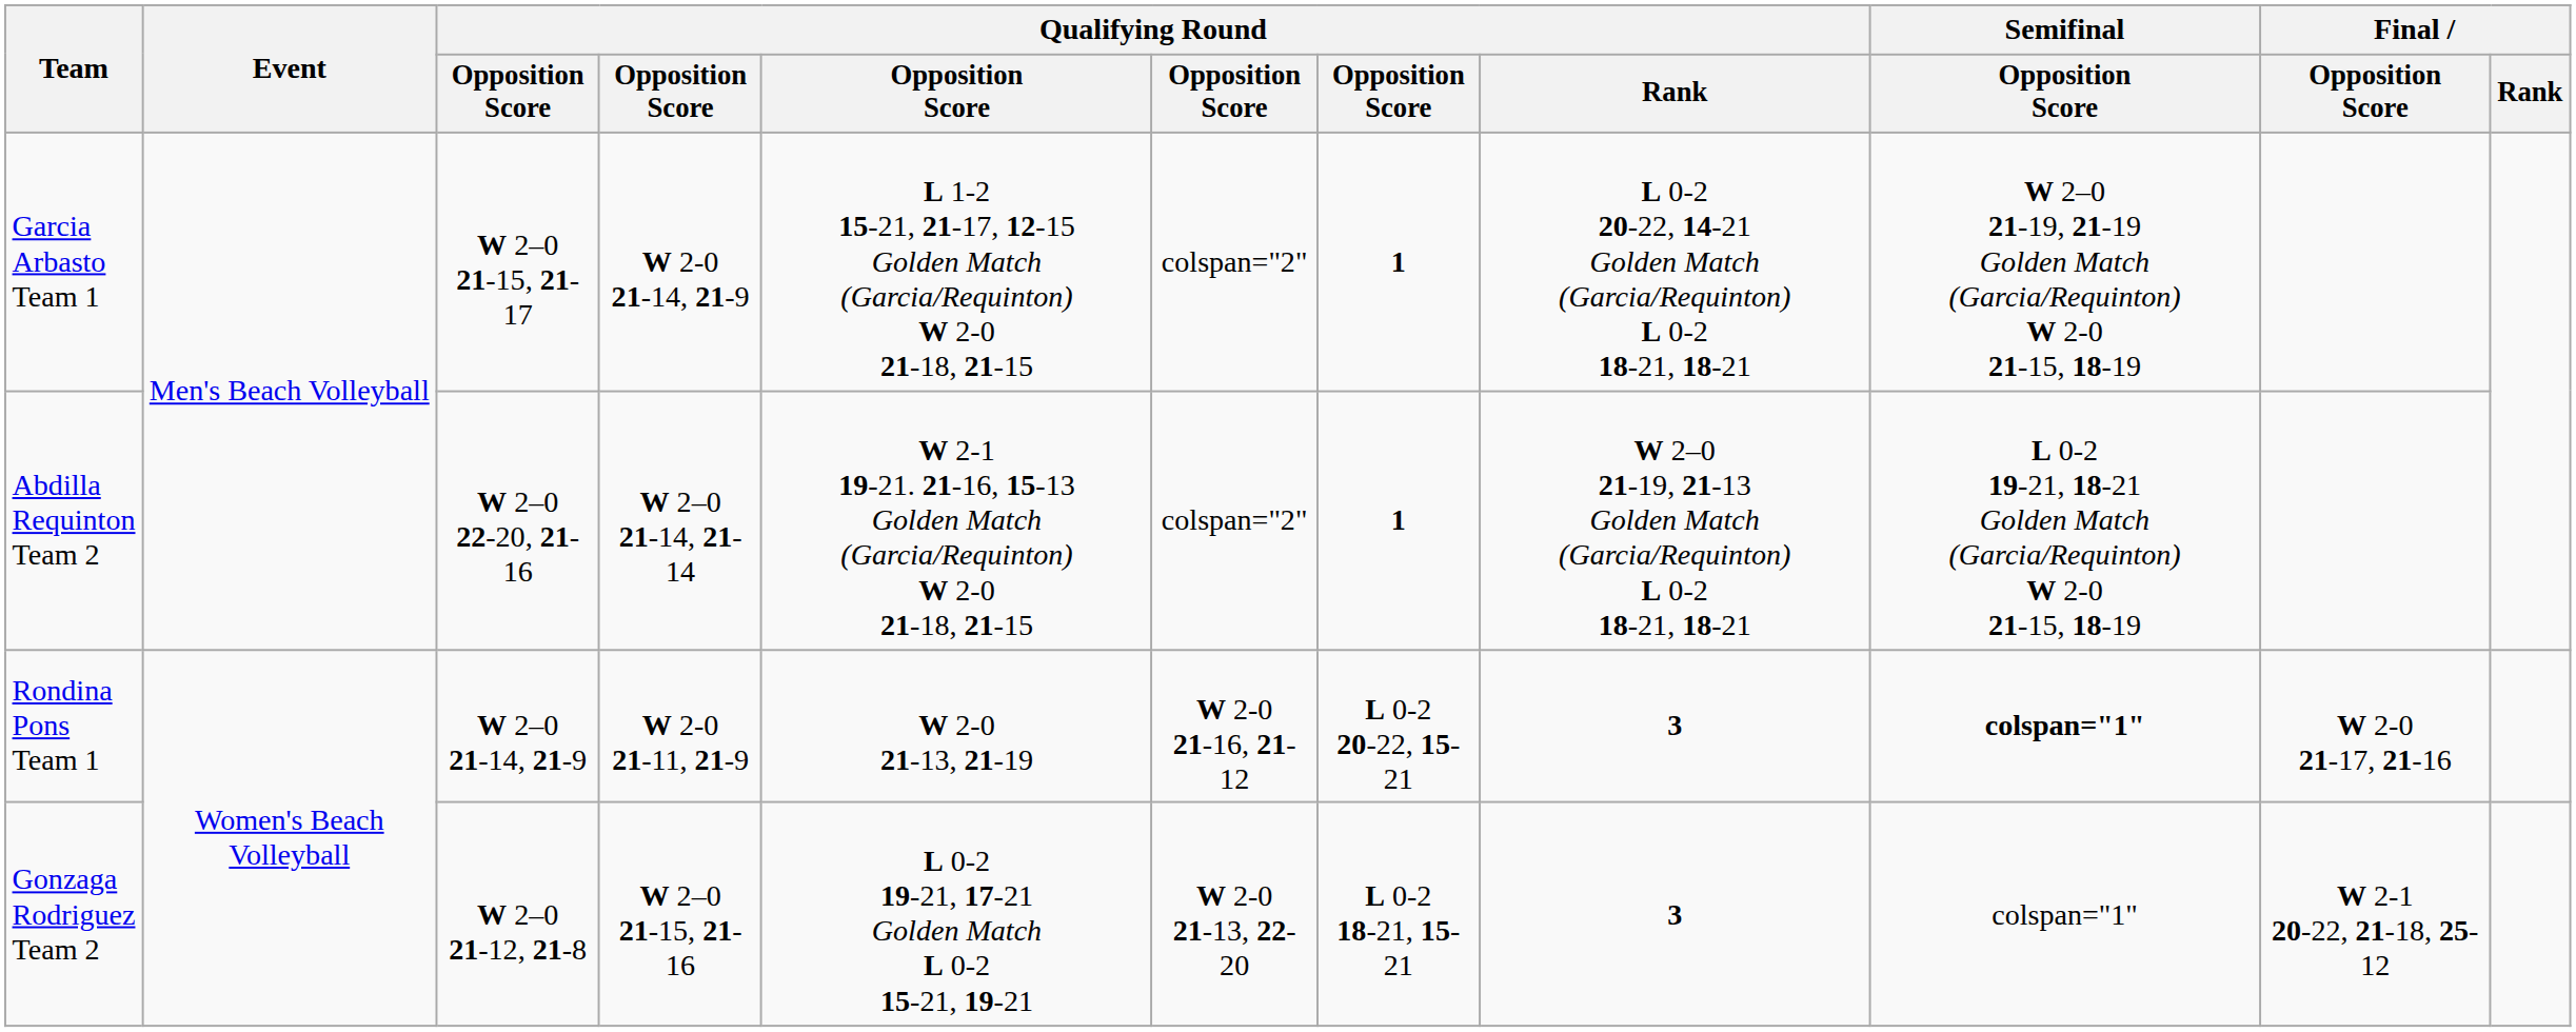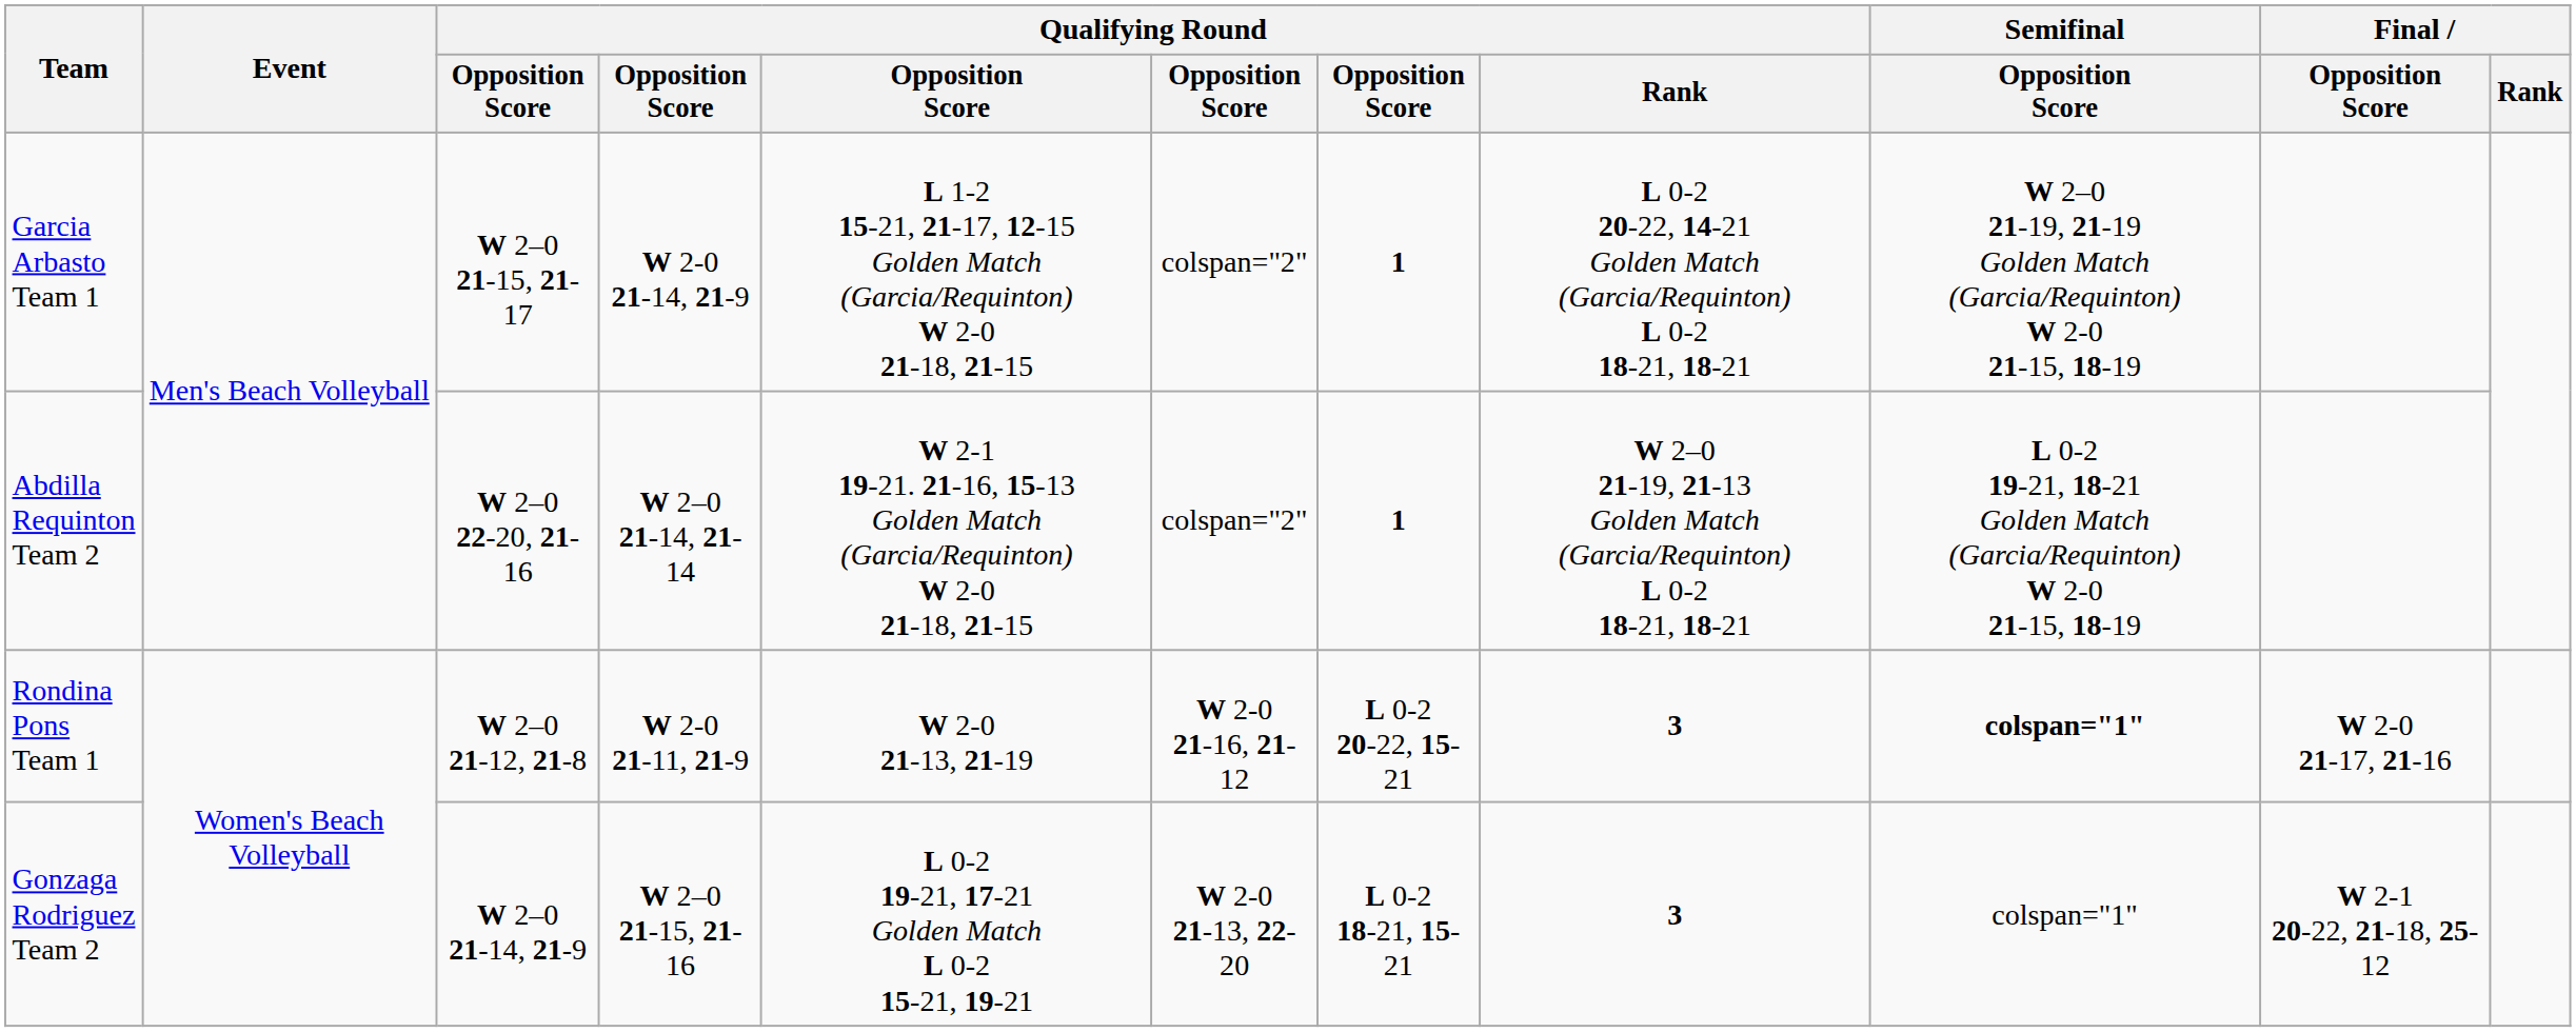 <table class="wikitable" style="font-size:90%">
 <tr>
 <th rowspan=2>Team</th>
 <th rowspan=2>Event</th>
 <th colspan=6>Qualifying Round</th>
 <th>Semifinal</th>
 <th colspan=2>Final / </th>
 </tr>
 <tr style="font-size:95%">
 <th>Opposition<br>Score</th>
 <th>Opposition<br>Score</th>
 <th>Opposition<br>Score</th>
 <th>Opposition<br>Score</th>
 <th>Opposition<br>Score</th>
 <th>Rank</th>
 <th>Opposition<br>Score</th>
 <th>Opposition<br>Score</th>
 <th>Rank</th>
 </tr>
 <tr align=center>
 <td align=left><a href='#'>Garcia<br>Arbasto</a><br>Team 1</td>
 <td rowspan="2" align="Center"><a href='#'>Men's Beach Volleyball</a></td>
 <td><br> <strong>W</strong> 2–0 <br><strong>21</strong>-15, <strong>21</strong>-17</td>
 <td><br> <strong>W</strong> 2-0 <br> <strong>21</strong>-14, <strong>21</strong>-9</td>
 <td><br> <strong>L</strong> 1-2 <br><strong>15</strong>-21, <strong>21</strong>-17, <strong>12</strong>-15 <br> <em>Golden Match (Garcia/Requinton)</em> <br> <strong>W</strong> 2-0 <br> <strong>21</strong>-18, <strong>21</strong>-15</td>
 <td>colspan="2" </td>
 <td><strong>1</strong></td>
 <td><br> <strong>L</strong> 0-2 <br><strong>20</strong>-22, <strong>14</strong>-21 <br> <em>Golden Match (Garcia/Requinton)</em> <br> <strong>L</strong> 0-2 <br> <strong>18</strong>-21, <strong>18</strong>-21</td>
 <td><br> <strong>W</strong> 2–0 <br><strong>21</strong>-19, <strong>21</strong>-19 <br> <em>Golden Match (Garcia/Requinton)</em> <br> <strong>W</strong> 2-0 <br> <strong>21</strong>-15, <strong>18</strong>-19</td>
 <td></td>
 </tr>
 <tr align=center>
 <td align=left><a href='#'>Abdilla<br>Requinton</a><br>Team 2</td>
 <td><br> <strong>W</strong> 2–0 <br><strong>22</strong>-20, <strong>21</strong>-16</td>
 <td><br> <strong>W</strong> 2–0 <br><strong>21</strong>-14, <strong>21</strong>-14</td>
 <td><br> <strong>W</strong> 2-1 <br> <strong>19</strong>-21. <strong>21</strong>-16, <strong>15</strong>-13 <br> <em>Golden Match (Garcia/Requinton)</em> <br> <strong>W</strong> 2-0 <br> <strong>21</strong>-18, <strong>21</strong>-15</td>
 <td>colspan="2" </td>
 <td><strong>1</strong></td>
 <td><br> <strong>W</strong> 2–0 <br> <strong>21</strong>-19, <strong>21</strong>-13 <br> <em>Golden Match (Garcia/Requinton)</em> <br> <strong>L</strong> 0-2 <br> <strong>18</strong>-21, <strong>18</strong>-21</td>
 <td><br> <strong>L</strong> 0-2 <br><strong>19</strong>-21, <strong>18</strong>-21 <br> <em>Golden Match (Garcia/Requinton)</em> <br> <strong>W</strong> 2-0 <br> <strong>21</strong>-15, <strong>18</strong>-19</td>
 <td></td>
 </tr>
 <tr align=center>
 <td align=left><a href='#'>Rondina <br>Pons</a><br>Team 1</td>
 <td rowspan="2" align="Center"><a href='#'>Women's Beach Volleyball</a></td>
-<td><br> <strong>W</strong> 2–0 <br> <strong>21</strong>-14, <strong>21</strong>-9</td>
+<td><br> <strong>W</strong> 2–0 <br> <strong>21</strong>-12, <strong>21</strong>-8</td>
 <td><br> <strong>W</strong> 2-0 <br> <strong>21</strong>-11, <strong>21</strong>-9</td>
 <td><br> <strong>W</strong> 2-0 <br> <strong>21</strong>-13, <strong>21</strong>-19</td>
 <td><br> <strong>W</strong> 2-0 <br> <strong>21</strong>-16, <strong>21</strong>-12</td>
 <td><br> <strong>L</strong> 0-2 <br> <strong>20</strong>-22, <strong>15</strong>-21</td>
 <td><strong>3</strong></td>
 <td><strong>colspan="1" </strong></td>
 <td><br> <strong>W</strong> 2-0 <br> <strong>21</strong>-17, <strong>21</strong>-16</td>
 <td></td>
 </tr>
 <tr align=center>
 <td align=left><a href='#'>Gonzaga<br>Rodriguez</a><br> Team 2</td>
-<td><br> <strong>W</strong> 2–0 <br> <strong>21</strong>-12, <strong>21</strong>-8</td>
+<td><br> <strong>W</strong> 2–0 <br> <strong>21</strong>-14, <strong>21</strong>-9</td>
 <td><br> <strong>W</strong> 2–0 <br><strong>21</strong>-15, <strong>21</strong>-16</td>
 <td><br> <strong>L</strong> 0-2 <br> <strong>19</strong>-21, <strong>17</strong>-21 <br> <em>Golden Match</em> <br> <strong>L</strong> 0-2 <br> <strong>15</strong>-21, <strong>19</strong>-21</td>
 <td><br> <strong>W</strong> 2-0 <br> <strong>21</strong>-13, <strong>22</strong>-20</td>
 <td><br> <strong>L</strong> 0-2 <br> <strong>18</strong>-21, <strong>15</strong>-21</td>
 <td><strong>3</strong></td>
 <td>colspan="1" </td>
 <td><br> <strong>W</strong> 2-1 <br> <strong>20</strong>-22, <strong>21</strong>-18, <strong>25</strong>-12</td>
 <td></td>
 </tr>
 </table>
